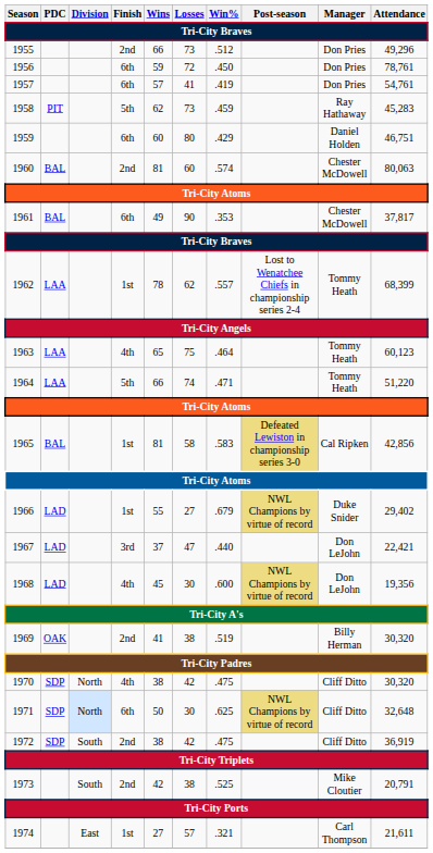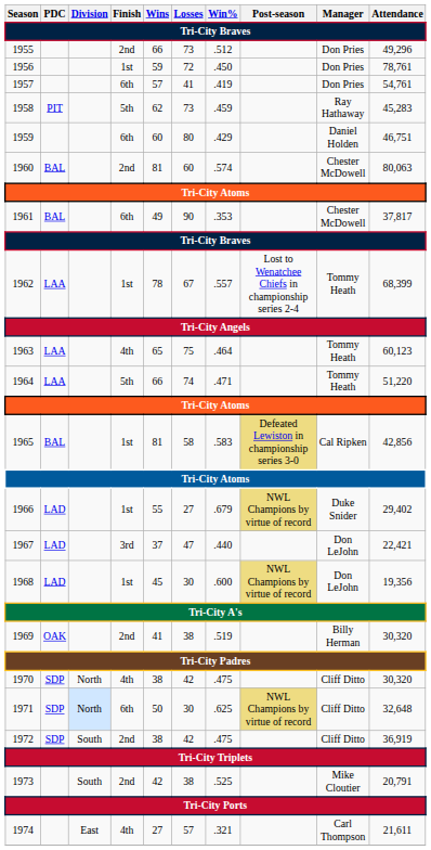 <table class="wikitable" style="text-align:center; font-size:95%">
 <tr>
 <th scope="col">Season</th>
 <th scope="col">PDC</th>
 <th scope="col"><a href='#'>Division</a></th>
 <th scope="col">Finish</th>
 <th scope="col"><a href='#'>Wins</a></th>
 <th scope="col"><a href='#'>Losses</a></th>
 <th scope="col"><a href='#'>Win%</a></th>
 <th scope="col">Post-season</th>
 <th scope="col">Manager</th>
 <th scope="col">Attendance</th>
 </tr>
 <tr>
 <td align="center" colspan="11" style="background: #002244; color: white; border:2px solid #C60C30"><strong>Tri-City Braves</strong></td>
 </tr>
 <tr>
 <td>1955</td>
 <td></td>
 <td></td>
 <td>2nd</td>
 <td>66</td>
 <td>73</td>
 <td>.512</td>
 <td></td>
 <td>Don Pries</td>
 <td>49,296</td>
 </tr>
 <tr>
 <td>1956</td>
 <td></td>
 <td></td>
-<td>6th</td>
+<td>1st</td>
 <td>59</td>
 <td>72</td>
 <td>.450</td>
 <td></td>
 <td>Don Pries</td>
 <td>78,761</td>
 </tr>
 <tr>
 <td>1957</td>
 <td></td>
 <td></td>
 <td>6th</td>
 <td>57</td>
 <td>41</td>
 <td>.419</td>
 <td></td>
 <td>Don Pries</td>
 <td>54,761</td>
 </tr>
 <tr>
 <td>1958</td>
 <td><a href='#'>PIT</a></td>
 <td></td>
 <td>5th</td>
 <td>62</td>
 <td>73</td>
 <td>.459</td>
 <td></td>
 <td>Ray Hathaway</td>
 <td>45,283</td>
 </tr>
 <tr>
 <td>1959</td>
 <td></td>
 <td></td>
 <td>6th</td>
 <td>60</td>
 <td>80</td>
 <td>.429</td>
 <td></td>
 <td>Daniel Holden</td>
 <td>46,751</td>
 </tr>
 <tr>
 <td>1960</td>
 <td><a href='#'>BAL</a></td>
 <td></td>
 <td>2nd</td>
 <td>81</td>
 <td>60</td>
 <td>.574</td>
 <td></td>
 <td>Chester McDowell</td>
 <td>80,063</td>
 </tr>
 <tr>
 <td align="center" colspan="11" style="background:#FD5A1E; color: white; border:2px solid#000000"><strong>Tri-City Atoms</strong></td>
 </tr>
 <tr>
 <td>1961</td>
 <td><a href='#'>BAL</a></td>
 <td></td>
 <td>6th</td>
 <td>49</td>
 <td>90</td>
 <td>.353</td>
 <td></td>
 <td>Chester McDowell</td>
 <td>37,817</td>
 </tr>
 <tr>
 <td align="center" colspan="11" style="background: #002244; color: white; border:2px solid #C60C30"><strong>Tri-City Braves</strong></td>
 </tr>
 <tr>
 <td>1962</td>
 <td><a href='#'>LAA</a></td>
 <td></td>
 <td>1st</td>
 <td>78</td>
-<td>62</td>
+<td>67</td>
 <td>.557</td>
 <td>Lost to <a href='#'>Wenatchee Chiefs</a> in championship series 2-4</td>
 <td>Tommy Heath</td>
 <td>68,399</td>
 </tr>
 <tr>
 <td align="center" colspan="11" style="background: #C60C30; color: white; border:2px solid #002244"><strong>Tri-City Angels</strong></td>
 </tr>
 <tr>
 <td>1963</td>
 <td><a href='#'>LAA</a></td>
 <td></td>
 <td>4th</td>
 <td>65</td>
 <td>75</td>
 <td>.464</td>
 <td></td>
 <td>Tommy Heath</td>
 <td>60,123</td>
 </tr>
 <tr>
 <td>1964</td>
 <td><a href='#'>LAA</a></td>
 <td></td>
 <td>5th</td>
 <td>66</td>
 <td>74</td>
 <td>.471</td>
 <td></td>
 <td>Tommy Heath</td>
 <td>51,220</td>
 </tr>
 <tr>
 <td align="center" colspan="11" style="background:#FD5A1E; color: white; border:2px solid#000000"><strong>Tri-City Atoms</strong></td>
 </tr>
 <tr>
 <td>1965</td>
 <td><a href='#'>BAL</a></td>
 <td></td>
 <td>1st</td>
 <td>81</td>
 <td>58</td>
 <td>.583</td>
 <td bgcolor="#EEDC82">Defeated <a href='#'>Lewiston</a> in championship series 3-0</td>
 <td>Cal Ripken</td>
 <td>42,856</td>
 </tr>
 <tr>
 <td align="center" colspan="11" style="background:#005A9C; color: white; border:2px solid#FFFFFF"><strong>Tri-City Atoms</strong></td>
 </tr>
 <tr>
 <td>1966</td>
 <td><a href='#'>LAD</a></td>
 <td></td>
 <td>1st</td>
 <td>55</td>
 <td>27</td>
 <td>.679</td>
 <td bgcolor="#EEDC82">NWL Champions by virtue of record</td>
 <td>Duke Snider</td>
 <td>29,402</td>
 </tr>
 <tr>
 <td>1967</td>
 <td><a href='#'>LAD</a></td>
 <td></td>
 <td>3rd</td>
 <td>37</td>
 <td>47</td>
 <td>.440</td>
 <td></td>
 <td>Don LeJohn</td>
 <td>22,421</td>
 </tr>
 <tr>
 <td>1968</td>
 <td><a href='#'>LAD</a></td>
 <td></td>
-<td>4th</td>
+<td>1st</td>
 <td>45</td>
 <td>30</td>
 <td>.600</td>
 <td bgcolor="#EEDC82">NWL Champions by virtue of record</td>
 <td>Don LeJohn</td>
 <td>19,356</td>
 </tr>
 <tr>
 <td align="center" colspan="11" style="background: #007444; color: white; border:2px solid #EFB21E"><strong>Tri-City A's</strong></td>
 </tr>
 <tr>
 <td>1969</td>
 <td><a href='#'>OAK</a></td>
 <td></td>
 <td>2nd</td>
 <td>41</td>
 <td>38</td>
 <td>.519</td>
 <td></td>
 <td>Billy Herman</td>
 <td>30,320</td>
 </tr>
 <tr>
 <td align="center" colspan="11" style="background:#693F23; color: white; border:2px solid#FFC425"><strong>Tri-City Padres</strong></td>
 </tr>
 <tr>
 <td>1970</td>
 <td><a href='#'>SDP</a></td>
 <td>North</td>
 <td>4th</td>
 <td>38</td>
 <td>42</td>
 <td>.475</td>
 <td></td>
 <td>Cliff Ditto</td>
 <td>30,320</td>
 </tr>
 <tr>
 <td>1971</td>
 <td><a href='#'>SDP</a></td>
 <td bgcolor="#D0E7FF">North</td>
 <td>6th</td>
 <td>50</td>
 <td>30</td>
 <td>.625</td>
 <td bgcolor="#EEDC82">NWL Champions by virtue of record</td>
 <td>Cliff Ditto</td>
 <td>32,648</td>
 </tr>
 <tr>
 <td>1972</td>
 <td><a href='#'>SDP</a></td>
 <td>South</td>
 <td>2nd</td>
 <td>38</td>
 <td>42</td>
 <td>.475</td>
 <td></td>
 <td>Cliff Ditto</td>
 <td>36,919</td>
 </tr>
 <tr>
 <td align="center" colspan="11" style="background: #C60C30; color: white; border:2px solid #002244"><strong>Tri-City Triplets</strong></td>
 </tr>
 <tr>
 <td>1973</td>
 <td></td>
 <td>South</td>
 <td>2nd</td>
 <td>42</td>
 <td>38</td>
 <td>.525</td>
 <td></td>
 <td>Mike Cloutier</td>
 <td>20,791</td>
 </tr>
 <tr>
 <td align="center" colspan="11" style="background: #C60C30; color: white; border:2px solid #002244"><strong>Tri-City Ports</strong></td>
 </tr>
 <tr>
 <td>1974</td>
 <td></td>
 <td>East</td>
-<td>1st</td>
+<td>4th</td>
 <td>27</td>
 <td>57</td>
 <td>.321</td>
 <td></td>
 <td>Carl Thompson</td>
 <td>21,611</td>
 </tr>
 <tr>
 </tr>
 </table>
